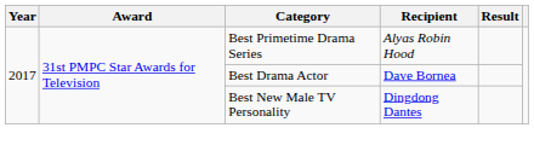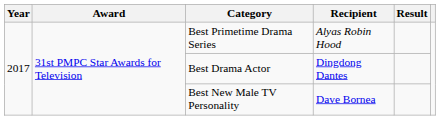 <table class="wikitable">
 <tr>
 <th>Year</th>
 <th>Award</th>
 <th>Category</th>
 <th>Recipient</th>
 <th>Result</th>
 <th></th>
 </tr>
 <tr>
 <td rowspan=3>2017</td>
 <td rowspan=3><a href='#'>31st PMPC Star Awards for Television</a></td>
 <td>Best Primetime Drama Series</td>
 <td><em>Alyas Robin Hood</em></td>
 <td></td>
 <td rowspan=3></td>
 </tr>
 <tr>
 <td>Best Drama Actor</td>
-<td><a href='#'>Dave Bornea</a></td>
+<td><a href='#'>Dingdong Dantes</a></td>
 <td></td>
 </tr>
 <tr>
 <td>Best New Male TV Personality</td>
-<td><a href='#'>Dingdong Dantes</a></td>
+<td><a href='#'>Dave Bornea</a></td>
 <td></td>
 </tr>
 </table>
